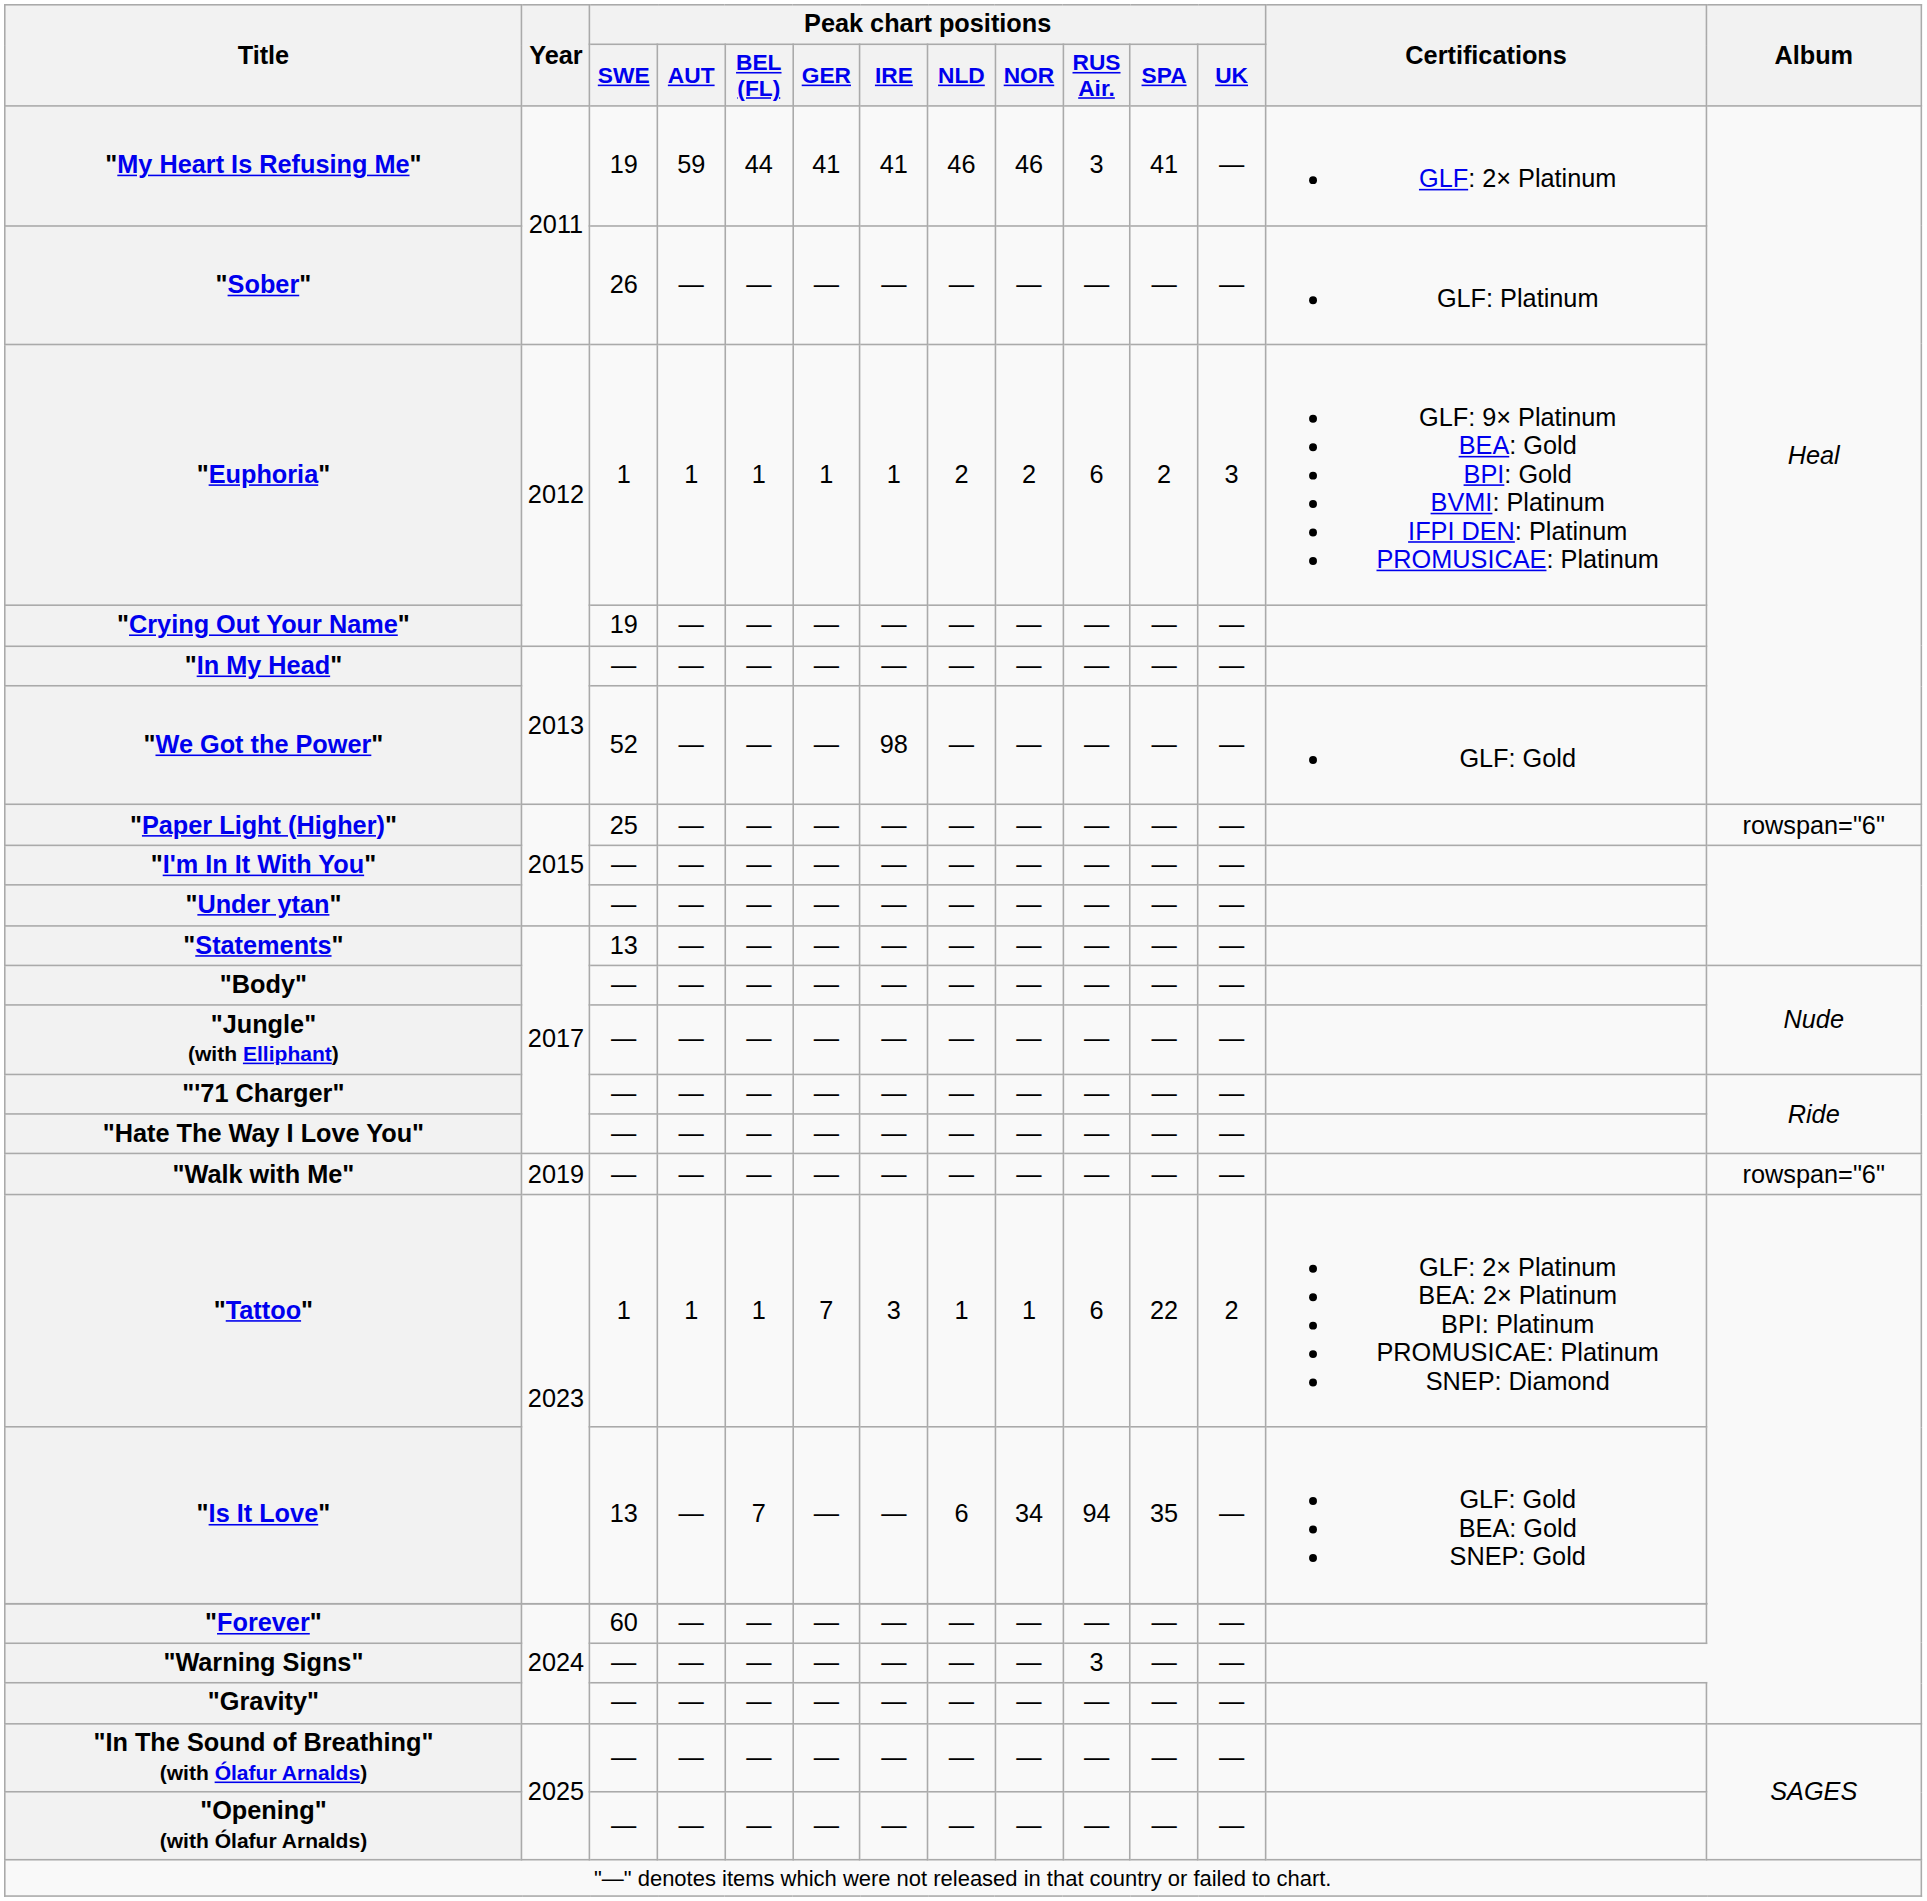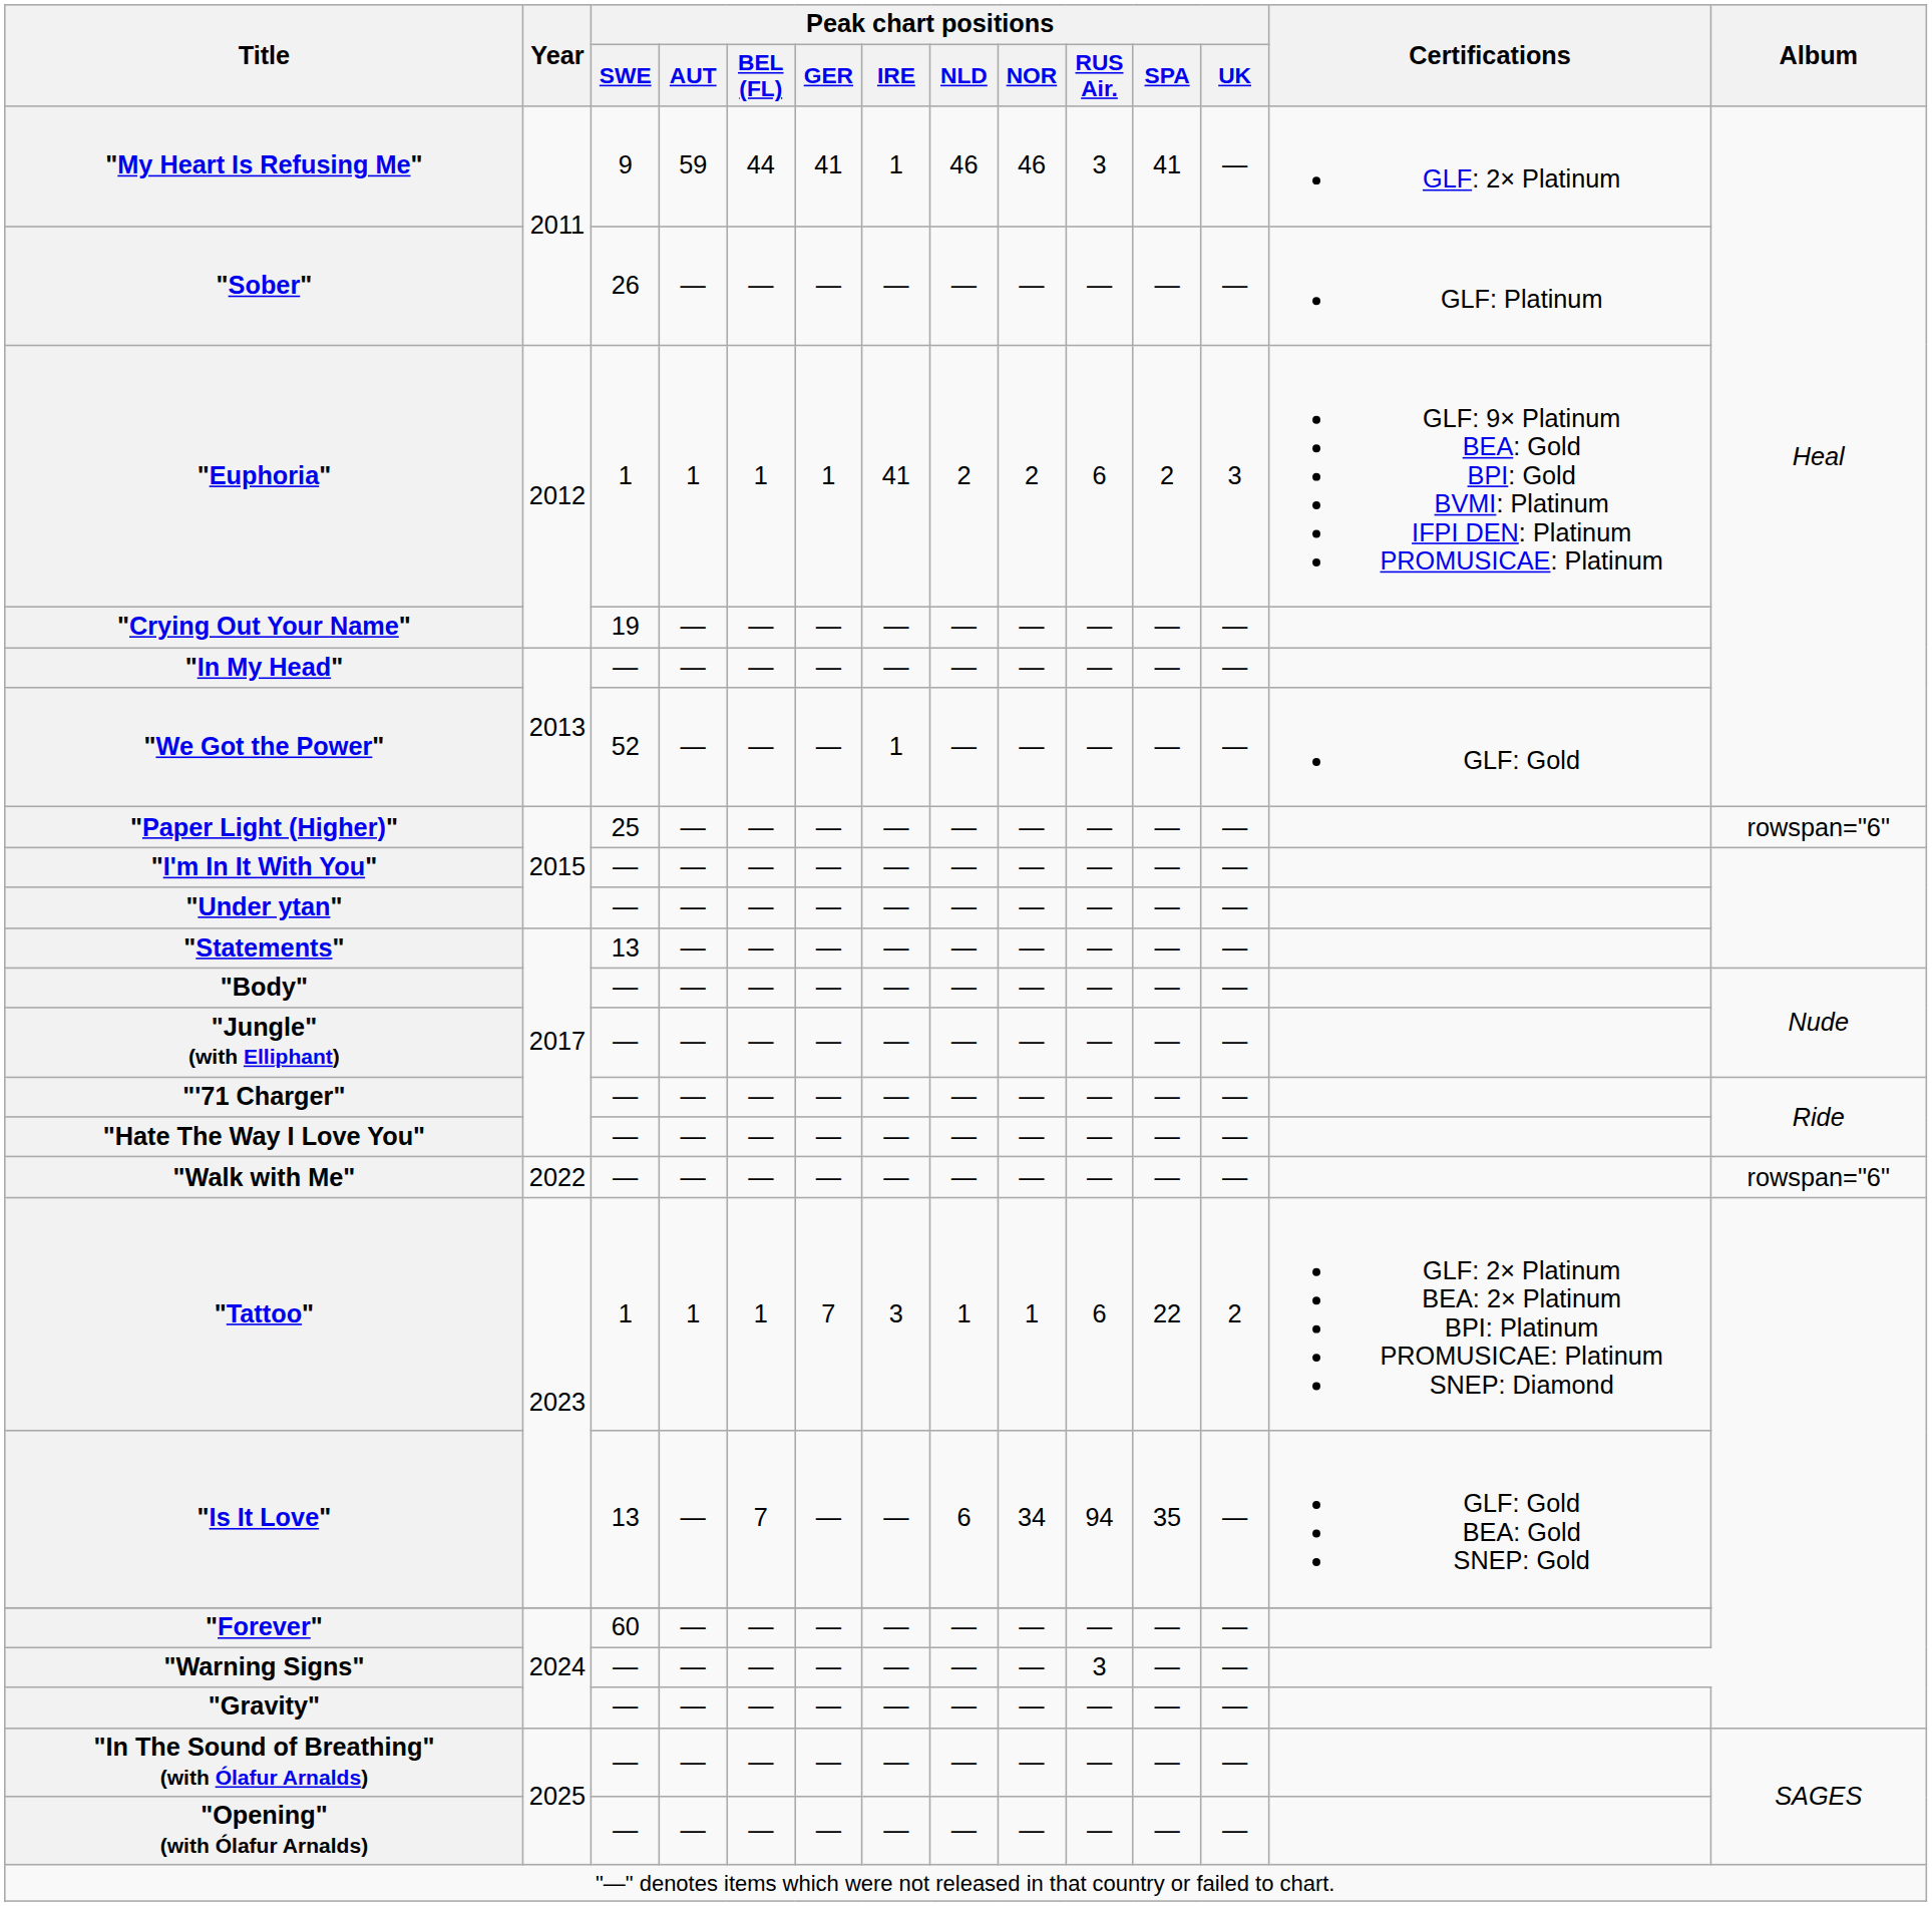 <table class="wikitable plainrowheaders" style="text-align:center;">
 <tr>
 <th scope="col" rowspan="2" style="width:20em;">Title</th>
 <th scope="col" rowspan="2" style="width:1em;">Year</th>
 <th scope="col" colspan="10">Peak chart positions</th>
 <th scope="col" rowspan="2" style="width:17em;">Certifications</th>
 <th scope="col" rowspan="2" style="width:8em;">Album</th>
 </tr>
 <tr>
 <th scope="col" style="width:2.5em;font-size:90%;"><a href='#'>SWE</a><br></th>
 <th scope="col" style="width:2.5em;font-size:90%;"><a href='#'>AUT</a><br></th>
 <th scope="col" style="width:2.5em;font-size:90%;"><a href='#'>BEL<br>(FL)</a><br></th>
 <th scope="col" style="width:2.5em;font-size:90%;"><a href='#'>GER</a><br></th>
 <th scope="col" style="width:2.5em;font-size:90%;"><a href='#'>IRE</a><br></th>
 <th scope="col" style="width:2.5em;font-size:90%;"><a href='#'>NLD</a><br></th>
 <th scope="col" style="width:2.5em;font-size:90%;"><a href='#'>NOR</a><br></th>
 <th scope="col" style="width:2.5em;font-size:90%;"><a href='#'>RUS<br>Air.</a><br></th>
 <th scope="col" style="width:2.5em;font-size:90%;"><a href='#'>SPA</a><br></th>
 <th scope="col" style="width:2.5em;font-size:90%;"><a href='#'>UK</a><br></th>
 </tr>
 <tr>
 <th scope="row">"<a href='#'>My Heart Is Refusing Me</a>"</th>
 <td rowspan="2">2011</td>
-<td>19</td>
+<td>9</td>
 <td>59</td>
 <td>44</td>
 <td>41</td>
-<td>41</td>
+<td>1</td>
 <td>46</td>
 <td>46</td>
 <td>3</td>
 <td>41</td>
 <td>—</td>
 <td><br><ul><li><a href='#'>GLF</a>: 2× Platinum</li></ul></td>
 <td rowspan="6"><em>Heal</em></td>
 </tr>
 <tr>
 <th scope="row">"<a href='#'>Sober</a>"</th>
 <td>26</td>
 <td>—</td>
 <td>—</td>
 <td>—</td>
 <td>—</td>
 <td>—</td>
 <td>—</td>
 <td>—</td>
 <td>—</td>
 <td>—</td>
 <td><br><ul><li>GLF: Platinum</li></ul></td>
 </tr>
 <tr>
 <th scope="row">"<a href='#'>Euphoria</a>"</th>
 <td rowspan="2">2012</td>
 <td>1</td>
 <td>1</td>
 <td>1</td>
 <td>1</td>
-<td>1</td>
+<td>41</td>
 <td>2</td>
 <td>2</td>
 <td>6</td>
 <td>2</td>
 <td>3</td>
 <td><br><ul><li>GLF: 9× Platinum</li><li><a href='#'>BEA</a>: Gold</li><li><a href='#'>BPI</a>: Gold</li><li><a href='#'>BVMI</a>: Platinum</li><li><a href='#'>IFPI DEN</a>: Platinum</li><li><a href='#'>PROMUSICAE</a>: Platinum</li></ul></td>
 </tr>
 <tr>
 <th scope="row">"<a href='#'>Crying Out Your Name</a>"</th>
 <td>19</td>
 <td>—</td>
 <td>—</td>
 <td>—</td>
 <td>—</td>
 <td>—</td>
 <td>—</td>
 <td>—</td>
 <td>—</td>
 <td>—</td>
 <td></td>
 </tr>
 <tr>
 <th scope="row">"<a href='#'>In My Head</a>"</th>
 <td rowspan="2">2013</td>
 <td>—</td>
 <td>—</td>
 <td>—</td>
 <td>—</td>
 <td>—</td>
 <td>—</td>
 <td>—</td>
 <td>—</td>
 <td>—</td>
 <td>—</td>
 <td></td>
 </tr>
 <tr>
 <th scope="row">"<a href='#'>We Got the Power</a>"</th>
 <td>52</td>
 <td>—</td>
 <td>—</td>
 <td>—</td>
-<td>98</td>
+<td>1</td>
 <td>—</td>
 <td>—</td>
 <td>—</td>
 <td>—</td>
 <td>—</td>
 <td><br><ul><li>GLF: Gold</li></ul></td>
 </tr>
 <tr>
 <th scope="row">"<a href='#'>Paper Light (Higher)</a>"</th>
 <td rowspan="3">2015</td>
 <td>25</td>
 <td>—</td>
 <td>—</td>
 <td>—</td>
 <td>—</td>
 <td>—</td>
 <td>—</td>
 <td>—</td>
 <td>—</td>
 <td>—</td>
 <td></td>
 <td>rowspan="6" </td>
 </tr>
 <tr>
 <th scope="row">"<a href='#'>I'm In It With You</a>"</th>
 <td>—</td>
 <td>—</td>
 <td>—</td>
 <td>—</td>
 <td>—</td>
 <td>—</td>
 <td>—</td>
 <td>—</td>
 <td>—</td>
 <td>—</td>
 <td></td>
 </tr>
 <tr>
 <th scope="row">"<a href='#'>Under ytan</a>"</th>
 <td>—</td>
 <td>—</td>
 <td>—</td>
 <td>—</td>
 <td>—</td>
 <td>—</td>
 <td>—</td>
 <td>—</td>
 <td>—</td>
 <td>—</td>
 <td></td>
 </tr>
 <tr>
 <th scope="row">"<a href='#'>Statements</a>"</th>
 <td rowspan="5">2017</td>
 <td>13</td>
 <td>—</td>
 <td>—</td>
 <td>—</td>
 <td>—</td>
 <td>—</td>
 <td>—</td>
 <td>—</td>
 <td>—</td>
 <td>—</td>
 <td></td>
 </tr>
 <tr>
 <th scope="row">"Body"</th>
 <td>—</td>
 <td>—</td>
 <td>—</td>
 <td>—</td>
 <td>—</td>
 <td>—</td>
 <td>—</td>
 <td>—</td>
 <td>—</td>
 <td>—</td>
 <td></td>
 <td rowspan="2"><em>Nude</em></td>
 </tr>
 <tr>
 <th scope="row">"Jungle"<br><small>(with <a href='#'>Elliphant</a>)</small></th>
 <td>—</td>
 <td>—</td>
 <td>—</td>
 <td>—</td>
 <td>—</td>
 <td>—</td>
 <td>—</td>
 <td>—</td>
 <td>—</td>
 <td>—</td>
 <td></td>
 </tr>
 <tr>
 <th scope="row">"'71 Charger"</th>
 <td>—</td>
 <td>—</td>
 <td>—</td>
 <td>—</td>
 <td>—</td>
 <td>—</td>
 <td>—</td>
 <td>—</td>
 <td>—</td>
 <td>—</td>
 <td></td>
 <td rowspan="2"><em>Ride</em></td>
 </tr>
 <tr>
 <th scope="row">"Hate The Way I Love You"</th>
 <td>—</td>
 <td>—</td>
 <td>—</td>
 <td>—</td>
 <td>—</td>
 <td>—</td>
 <td>—</td>
 <td>—</td>
 <td>—</td>
 <td>—</td>
 <td></td>
 </tr>
 <tr>
 <th scope="row">"Walk with Me"</th>
-<td>2019</td>
+<td>2022</td>
 <td>—</td>
 <td>—</td>
 <td>—</td>
 <td>—</td>
 <td>—</td>
 <td>—</td>
 <td>—</td>
 <td>—</td>
 <td>—</td>
 <td>—</td>
 <td></td>
 <td>rowspan="6" </td>
 </tr>
 <tr>
 <th scope="row">"<a href='#'>Tattoo</a>"</th>
 <td rowspan="2">2023</td>
 <td>1</td>
 <td>1</td>
 <td>1</td>
 <td>7</td>
 <td>3</td>
 <td>1</td>
 <td>1</td>
 <td>6</td>
 <td>22</td>
 <td>2</td>
 <td><br><ul><li>GLF: 2× Platinum</li><li>BEA: 2× Platinum</li><li>BPI: Platinum</li><li>PROMUSICAE: Platinum</li><li>SNEP: Diamond</li></ul></td>
 </tr>
 <tr>
 <th scope="row">"<a href='#'>Is It Love</a>"</th>
 <td>13</td>
 <td>—</td>
 <td>7</td>
 <td>—</td>
 <td>—</td>
 <td>6</td>
 <td>34</td>
 <td>94</td>
 <td>35</td>
 <td>—</td>
 <td><br><ul><li>GLF: Gold</li><li>BEA: Gold</li><li>SNEP: Gold</li></ul></td>
 </tr>
 <tr>
 </tr>
 <tr>
 <th scope="row">"<a href='#'>Forever</a>"</th>
 <td rowspan="3">2024</td>
 <td>60</td>
 <td>—</td>
 <td>—</td>
 <td>—</td>
 <td>—</td>
 <td>—</td>
 <td>—</td>
 <td>—</td>
 <td>—</td>
 <td>—</td>
 <td></td>
 </tr>
 <tr>
 <th scope="row">"Warning Signs"</th>
 <td>—</td>
 <td>—</td>
 <td>—</td>
 <td>—</td>
 <td>—</td>
 <td>—</td>
 <td>—</td>
 <td>3</td>
 <td>—</td>
 <td>—</td>
 </tr>
 <tr>
 <th scope="row">"Gravity"</th>
 <td>—</td>
 <td>—</td>
 <td>—</td>
 <td>—</td>
 <td>—</td>
 <td>—</td>
 <td>—</td>
 <td>—</td>
 <td>—</td>
 <td>—</td>
 <td></td>
 </tr>
 <tr>
 <th scope="row">"In The Sound of Breathing"<br><small>(with <a href='#'>Ólafur Arnalds</a>)</small></th>
 <td rowspan="2">2025</td>
 <td>—</td>
 <td>—</td>
 <td>—</td>
 <td>—</td>
 <td>—</td>
 <td>—</td>
 <td>—</td>
 <td>—</td>
 <td>—</td>
 <td>—</td>
 <td></td>
 <td rowspan="2"><em>SAGES</em></td>
 </tr>
 <tr>
 <th scope="row">"Opening"<br><small>(with Ólafur Arnalds)</small></th>
 <td>—</td>
 <td>—</td>
 <td>—</td>
 <td>—</td>
 <td>—</td>
 <td>—</td>
 <td>—</td>
 <td>—</td>
 <td>—</td>
 <td>—</td>
 <td></td>
 </tr>
 <tr>
 <td colspan="18" style="font-size:87%">"—" denotes items which were not released in that country or failed to chart.</td>
 </tr>
 </table>
